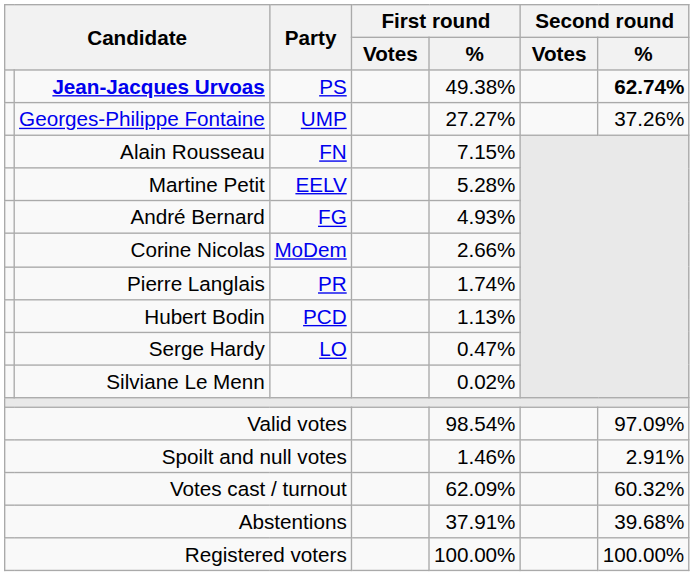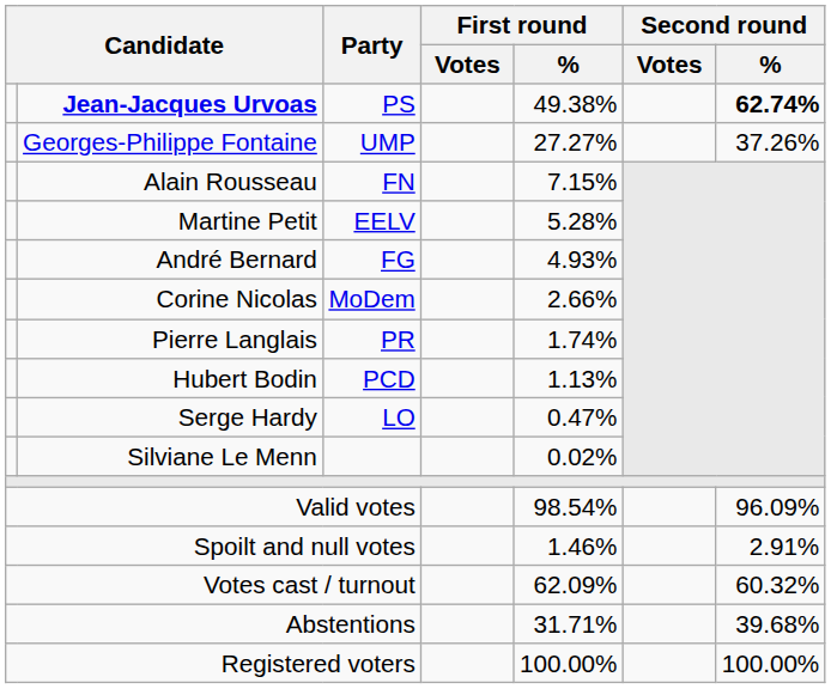 <table class="wikitable" style="text-align:right;font-size:95%;">
 <tr>
 <th rowspan=2 colspan=2>Candidate</th>
 <th rowspan=2 colspan=1>Party</th>
 <th colspan=2>First round</th>
 <th colspan=2>Second round</th>
 </tr>
 <tr>
 <th style="width:50px;">Votes</th>
 <th style="width:55px;">%</th>
 <th style="width:50px;">Votes</th>
 <th style="width:55px;">%</th>
 </tr>
 <tr>
 <td style="color:inherit;background-color:"></td>
 <td><strong><a href='#'>Jean-Jacques Urvoas</a></strong></td>
 <td><a href='#'>PS</a></td>
 <td></td>
 <td>49.38%</td>
 <td><strong></strong></td>
 <td><strong>62.74%</strong></td>
 </tr>
 <tr>
 <td style="color:inherit;background-color:"></td>
 <td><a href='#'>Georges-Philippe Fontaine</a></td>
 <td><a href='#'>UMP</a></td>
 <td></td>
 <td>27.27%</td>
 <td></td>
 <td>37.26%</td>
 </tr>
 <tr>
 <td style="color:inherit;background-color:"></td>
 <td>Alain Rousseau</td>
 <td><a href='#'>FN</a></td>
 <td></td>
 <td>7.15%</td>
 <td colspan=7 rowspan=8 style="background-color:#E9E9E9;"></td>
 </tr>
 <tr>
 <td style="color:inherit;background-color:"></td>
 <td>Martine Petit</td>
 <td><a href='#'>EELV</a></td>
 <td></td>
 <td>5.28%</td>
 </tr>
 <tr>
 <td style="color:inherit;background-color:"></td>
 <td>André Bernard</td>
 <td><a href='#'>FG</a></td>
 <td></td>
 <td>4.93%</td>
 </tr>
 <tr>
 <td style="color:inherit;background-color:"></td>
 <td>Corine Nicolas</td>
 <td><a href='#'>MoDem</a></td>
 <td></td>
 <td>2.66%</td>
 </tr>
 <tr>
 <td style="color:inherit;background-color:"></td>
 <td>Pierre Langlais</td>
 <td><a href='#'>PR</a></td>
 <td></td>
 <td>1.74%</td>
 </tr>
 <tr>
 <td style="color:inherit;background-color:"></td>
 <td>Hubert Bodin</td>
 <td><a href='#'>PCD</a></td>
 <td></td>
 <td>1.13%</td>
 </tr>
 <tr>
 <td style="color:inherit;background-color:"></td>
 <td>Serge Hardy</td>
 <td><a href='#'>LO</a></td>
 <td></td>
 <td>0.47%</td>
 </tr>
 <tr>
 <td style="background-color:;"></td>
 <td>Silviane Le Menn</td>
 <td></td>
 <td></td>
 <td>0.02%</td>
 </tr>
 <tr>
 <td colspan=7 style="background-color:#E9E9E9;"></td>
 </tr>
 <tr>
 <td colspan=3>Valid votes</td>
 <td></td>
 <td>98.54%</td>
 <td></td>
-<td>97.09%</td>
+<td>96.09%</td>
 </tr>
 <tr>
 <td colspan=3>Spoilt and null votes</td>
 <td></td>
 <td>1.46%</td>
 <td></td>
 <td>2.91%</td>
 </tr>
 <tr>
 <td colspan=3>Votes cast / turnout</td>
 <td></td>
 <td>62.09%</td>
 <td></td>
 <td>60.32%</td>
 </tr>
 <tr>
 <td colspan=3>Abstentions</td>
 <td></td>
-<td>37.91%</td>
+<td>31.71%</td>
 <td></td>
 <td>39.68%</td>
 </tr>
 <tr>
 <td colspan=3>Registered voters</td>
 <td></td>
 <td>100.00%</td>
 <td></td>
 <td>100.00%</td>
 </tr>
 </table>
